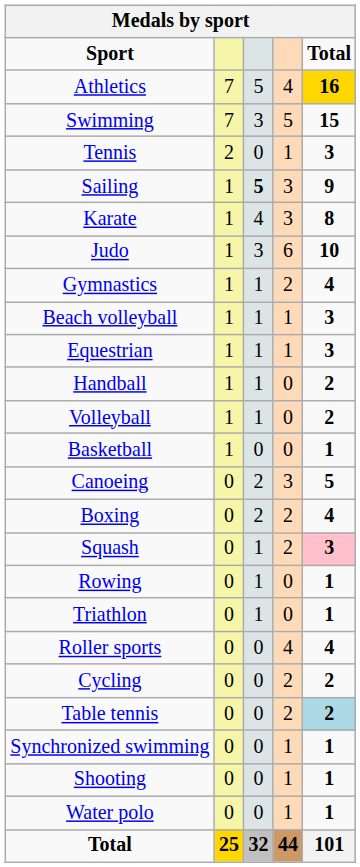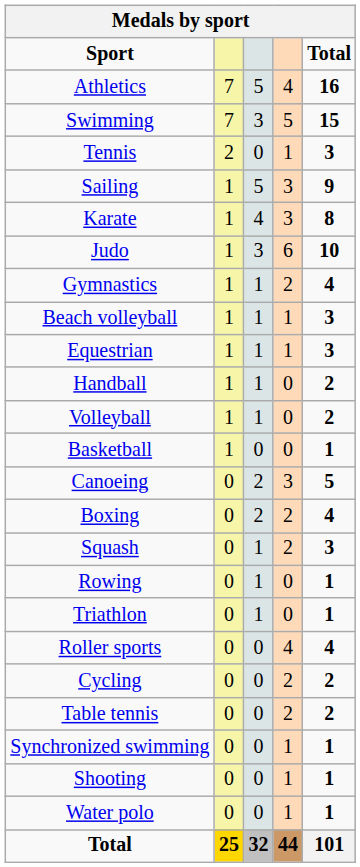 <table class="wikitable" style="font-size:85%; float:right;">
 <tr style="background:#efefef;">
 <th colspan=7><strong>Medals by sport</strong></th>
 </tr>
 <tr align=center>
 <td><strong>Sport</strong></td>
 <td bgcolor=#f7f6a8></td>
 <td bgcolor=#dce5e5></td>
 <td bgcolor=#ffdab9></td>
 <td><strong>Total</strong></td>
 </tr>
 <tr align=center>
 <td><a href='#'>Athletics</a></td>
 <td style="background:#F7F6A8;">7</td>
 <td style="background:#DCE5E5;">5</td>
 <td style="background:#FFDAB9;">4</td>
-<td style="background: gold;"><strong>16</strong></td>
+<td><strong>16</strong></td>
 </tr>
 <tr align=center>
 <td><a href='#'>Swimming</a></td>
 <td style="background:#F7F6A8;">7</td>
 <td style="background:#DCE5E5;">3</td>
 <td style="background:#FFDAB9;">5</td>
 <td><strong>15</strong></td>
 </tr>
 <tr align=center>
 <td><a href='#'>Tennis</a></td>
 <td style="background:#F7F6A8;">2</td>
 <td style="background:#DCE5E5;">0</td>
 <td style="background:#FFDAB9;">1</td>
 <td><strong>3</strong></td>
 </tr>
 <tr align=center>
 <td><a href='#'>Sailing</a></td>
 <td style="background:#F7F6A8;">1</td>
-<td style="background:#DCE5E5;"><strong>5</strong></td>
+<td style="background:#DCE5E5;">5</td>
 <td style="background:#FFDAB9;">3</td>
 <td><strong>9</strong></td>
 </tr>
 <tr align=center>
 <td><a href='#'>Karate</a></td>
 <td style="background:#F7F6A8;">1</td>
 <td style="background:#DCE5E5;">4</td>
 <td style="background:#FFDAB9;">3</td>
 <td><strong>8</strong></td>
 </tr>
 <tr align=center>
 <td><a href='#'>Judo</a></td>
 <td style="background:#F7F6A8;">1</td>
 <td style="background:#DCE5E5;">3</td>
 <td style="background:#FFDAB9;">6</td>
 <td><strong>10</strong></td>
 </tr>
 <tr align=center>
 <td><a href='#'>Gymnastics</a></td>
 <td style="background:#F7F6A8;">1</td>
 <td style="background:#DCE5E5;">1</td>
 <td style="background:#FFDAB9;">2</td>
 <td><strong>4</strong></td>
 </tr>
 <tr align=center>
 <td><a href='#'>Beach volleyball</a></td>
 <td style="background:#F7F6A8;">1</td>
 <td style="background:#DCE5E5;">1</td>
 <td style="background:#FFDAB9;">1</td>
 <td><strong>3</strong></td>
 </tr>
 <tr align=center>
 <td><a href='#'>Equestrian</a></td>
 <td style="background:#F7F6A8;">1</td>
 <td style="background:#DCE5E5;">1</td>
 <td style="background:#FFDAB9;">1</td>
 <td><strong>3</strong></td>
 </tr>
 <tr align=center>
 <td><a href='#'>Handball</a></td>
 <td style="background:#F7F6A8;">1</td>
 <td style="background:#DCE5E5;">1</td>
 <td style="background:#FFDAB9;">0</td>
 <td><strong>2</strong></td>
 </tr>
 <tr align=center>
 <td><a href='#'>Volleyball</a></td>
 <td style="background:#F7F6A8;">1</td>
 <td style="background:#DCE5E5;">1</td>
 <td style="background:#FFDAB9;">0</td>
 <td><strong>2</strong></td>
 </tr>
 <tr align=center>
 <td><a href='#'>Basketball</a></td>
 <td style="background:#F7F6A8;">1</td>
 <td style="background:#DCE5E5;">0</td>
 <td style="background:#FFDAB9;">0</td>
 <td><strong>1</strong></td>
 </tr>
 <tr align=center>
 <td><a href='#'>Canoeing</a></td>
 <td style="background:#F7F6A8;">0</td>
 <td style="background:#DCE5E5;">2</td>
 <td style="background:#FFDAB9;">3</td>
 <td><strong>5</strong></td>
 </tr>
 <tr align=center>
 <td><a href='#'>Boxing</a></td>
 <td style="background:#F7F6A8;">0</td>
 <td style="background:#DCE5E5;">2</td>
 <td style="background:#FFDAB9;">2</td>
 <td><strong>4</strong></td>
 </tr>
 <tr align=center>
 <td><a href='#'>Squash</a></td>
 <td style="background:#F7F6A8;">0</td>
 <td style="background:#DCE5E5;">1</td>
 <td style="background:#FFDAB9;">2</td>
-<td style="background: pink;"><strong>3</strong></td>
+<td><strong>3</strong></td>
 </tr>
 <tr align=center>
 <td><a href='#'>Rowing</a></td>
 <td style="background:#F7F6A8;">0</td>
 <td style="background:#DCE5E5;">1</td>
 <td style="background:#FFDAB9;">0</td>
 <td><strong>1</strong></td>
 </tr>
 <tr align=center>
 <td><a href='#'>Triathlon</a></td>
 <td style="background:#F7F6A8;">0</td>
 <td style="background:#DCE5E5;">1</td>
 <td style="background:#FFDAB9;">0</td>
 <td><strong>1</strong></td>
 </tr>
 <tr align=center>
 <td><a href='#'>Roller sports</a></td>
 <td style="background:#F7F6A8;">0</td>
 <td style="background:#DCE5E5;">0</td>
 <td style="background:#FFDAB9;">4</td>
 <td><strong>4</strong></td>
 </tr>
 <tr align=center>
 <td><a href='#'>Cycling</a></td>
 <td style="background:#F7F6A8;">0</td>
 <td style="background:#DCE5E5;">0</td>
 <td style="background:#FFDAB9;">2</td>
 <td><strong>2</strong></td>
 </tr>
 <tr align=center>
 <td><a href='#'>Table tennis</a></td>
 <td style="background:#F7F6A8;">0</td>
 <td style="background:#DCE5E5;">0</td>
 <td style="background:#FFDAB9;">2</td>
-<td style="background: lightblue;"><strong>2</strong></td>
+<td><strong>2</strong></td>
 </tr>
 <tr align=center>
 <td><a href='#'>Synchronized swimming</a></td>
 <td style="background:#F7F6A8;">0</td>
 <td style="background:#DCE5E5;">0</td>
 <td style="background:#FFDAB9;">1</td>
 <td><strong>1</strong></td>
 </tr>
 <tr align=center>
 <td><a href='#'>Shooting</a></td>
 <td style="background:#F7F6A8;">0</td>
 <td style="background:#DCE5E5;">0</td>
 <td style="background:#FFDAB9;">1</td>
 <td><strong>1</strong></td>
 </tr>
 <tr align=center>
 <td><a href='#'>Water polo</a></td>
 <td style="background:#F7F6A8;">0</td>
 <td style="background:#DCE5E5;">0</td>
 <td style="background:#FFDAB9;">1</td>
 <td><strong>1</strong></td>
 </tr>
 <tr align=center>
 <td><strong>Total</strong></td>
 <th style="background:gold;"><strong>25</strong></th>
 <th style="background:silver;"><strong>32</strong></th>
 <th style="background:#c96;"><strong>44</strong></th>
 <th><strong>101</strong></th>
 </tr>
 </table>
